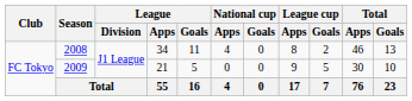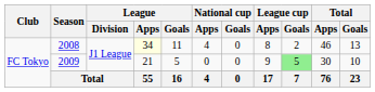 <table class="wikitable" style="text-align:center">
 <tr>
 <th rowspan="2">Club</th>
 <th rowspan="2">Season</th>
 <th colspan="3">League</th>
 <th colspan="2">National cup</th>
 <th colspan="2">League cup</th>
 <th colspan="2">Total</th>
 </tr>
 <tr>
 <th>Division</th>
 <th>Apps</th>
 <th>Goals</th>
 <th>Apps</th>
 <th>Goals</th>
 <th>Apps</th>
 <th>Goals</th>
 <th>Apps</th>
 <th>Goals</th>
 </tr>
 <tr>
 <td rowspan="3"><a href='#'>FC Tokyo</a></td>
 <td><a href='#'>2008</a></td>
 <td rowspan="2"><a href='#'>J1 League</a></td>
-<td>34</td>
+<td style="background: lightyellow;">34</td>
 <td>11</td>
 <td>4</td>
 <td>0</td>
 <td>8</td>
 <td>2</td>
 <td>46</td>
 <td>13</td>
 </tr>
 <tr>
 <td><a href='#'>2009</a></td>
 <td>21</td>
 <td>5</td>
 <td>0</td>
 <td>0</td>
 <td>9</td>
-<td>5</td>
+<td style="background: lightgreen;">5</td>
 <td>30</td>
 <td>10</td>
 </tr>
 <tr>
 <th colspan="2">Total</th>
 <th>55</th>
 <th>16</th>
 <th>4</th>
 <th>0</th>
 <th>17</th>
 <th>7</th>
 <th>76</th>
 <th>23</th>
 </tr>
 </table>
